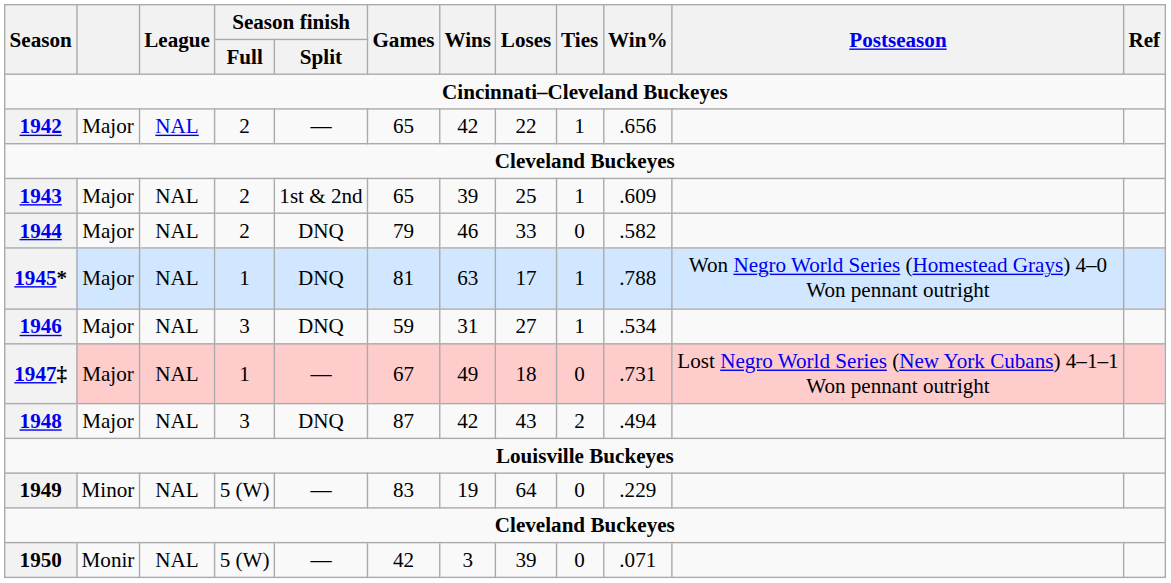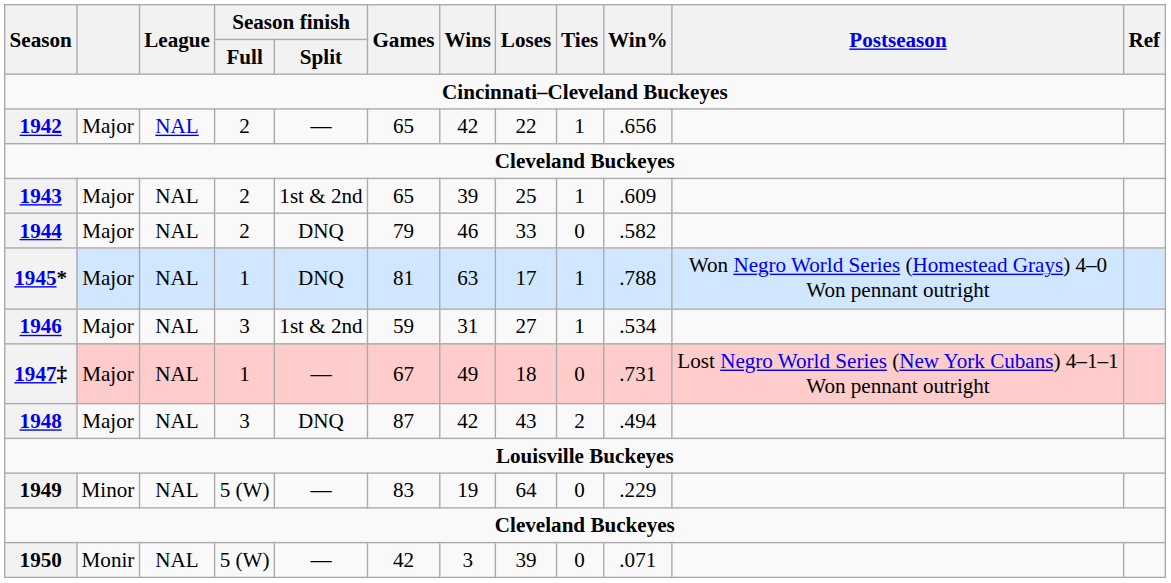 <table class="wikitable sortable" style="text-align:center; font-size:95%">
 <tr>
 <th rowspan="2">Season</th>
 <th rowspan="2"></th>
 <th rowspan="2">League</th>
 <th colspan="2">Season finish</th>
 <th rowspan="2">Games</th>
 <th rowspan="2">Wins</th>
 <th rowspan="2">Loses</th>
 <th rowspan="2">Ties</th>
 <th rowspan="2">Win%</th>
 <th rowspan="2"><a href='#'>Postseason</a></th>
 <th rowspan="2">Ref</th>
 </tr>
 <tr>
 <th>Full</th>
 <th>Split</th>
 </tr>
 <tr>
 <td align="center" colspan="12"><strong>Cincinnati–Cleveland Buckeyes</strong></td>
 </tr>
 <tr>
 <th><a href='#'>1942</a></th>
 <td>Major</td>
 <td><a href='#'>NAL</a></td>
 <td>2</td>
 <td>—</td>
 <td>65</td>
 <td>42</td>
 <td>22</td>
 <td>1</td>
 <td>.656</td>
 <td></td>
 <td></td>
 </tr>
 <tr>
 <td align="center" colspan="12"><strong>Cleveland Buckeyes</strong></td>
 </tr>
 <tr>
 <th><a href='#'>1943</a></th>
 <td>Major</td>
 <td>NAL</td>
 <td>2</td>
 <td>1st & 2nd</td>
 <td>65</td>
 <td>39</td>
 <td>25</td>
 <td>1</td>
 <td>.609</td>
 <td></td>
 <td></td>
 </tr>
 <tr>
 <th><a href='#'>1944</a></th>
 <td>Major</td>
 <td>NAL</td>
 <td>2</td>
 <td>DNQ</td>
 <td>79</td>
 <td>46</td>
 <td>33</td>
 <td>0</td>
 <td>.582</td>
 <td></td>
 <td></td>
 </tr>
 <tr bgcolor="#D0E7FF">
 <th><a href='#'>1945</a>*</th>
 <td>Major</td>
 <td>NAL</td>
 <td>1</td>
 <td>DNQ</td>
 <td>81</td>
 <td>63</td>
 <td>17</td>
 <td>1</td>
 <td>.788</td>
 <td>Won <a href='#'>Negro World Series</a> (<a href='#'>Homestead Grays</a>) 4–0<br>Won pennant outright</td>
 <td></td>
 </tr>
 <tr>
 <th><a href='#'>1946</a></th>
 <td>Major</td>
 <td>NAL</td>
 <td>3</td>
-<td>DNQ</td>
+<td>1st & 2nd</td>
 <td>59</td>
 <td>31</td>
 <td>27</td>
 <td>1</td>
 <td>.534</td>
 <td></td>
 <td></td>
 </tr>
 <tr bgcolor="#FFCCCC">
 <th><a href='#'>1947</a>‡</th>
 <td>Major</td>
 <td>NAL</td>
 <td>1</td>
 <td>—</td>
 <td>67</td>
 <td>49</td>
 <td>18</td>
 <td>0</td>
 <td>.731</td>
 <td>Lost <a href='#'>Negro World Series</a> (<a href='#'>New York Cubans</a>) 4–1–1<br>Won pennant outright</td>
 <td></td>
 </tr>
 <tr>
 <th><a href='#'>1948</a></th>
 <td>Major</td>
 <td>NAL</td>
 <td>3</td>
 <td>DNQ</td>
 <td>87</td>
 <td>42</td>
 <td>43</td>
 <td>2</td>
 <td>.494</td>
 <td></td>
 <td></td>
 </tr>
 <tr>
 <td align="center" colspan="12"><strong>Louisville Buckeyes</strong></td>
 </tr>
 <tr>
 <th>1949</th>
 <td>Minor</td>
 <td>NAL</td>
 <td>5 (W)</td>
 <td>—</td>
 <td>83</td>
 <td>19</td>
 <td>64</td>
 <td>0</td>
 <td>.229</td>
 <td></td>
 <td></td>
 </tr>
 <tr>
 <td align="center" colspan="12"><strong>Cleveland Buckeyes</strong></td>
 </tr>
 <tr>
 <th>1950</th>
 <td>Monir</td>
 <td>NAL</td>
 <td>5 (W)</td>
 <td>—</td>
 <td>42</td>
 <td>3</td>
 <td>39</td>
 <td>0</td>
 <td>.071</td>
 <td></td>
 <td></td>
 </tr>
 </table>
